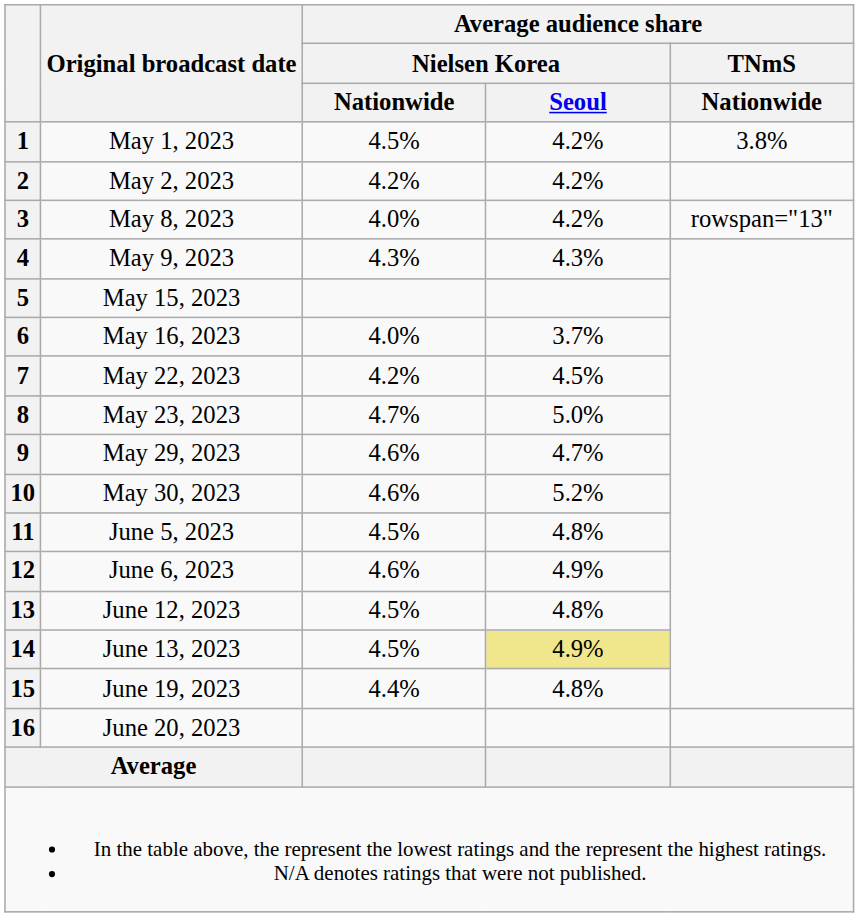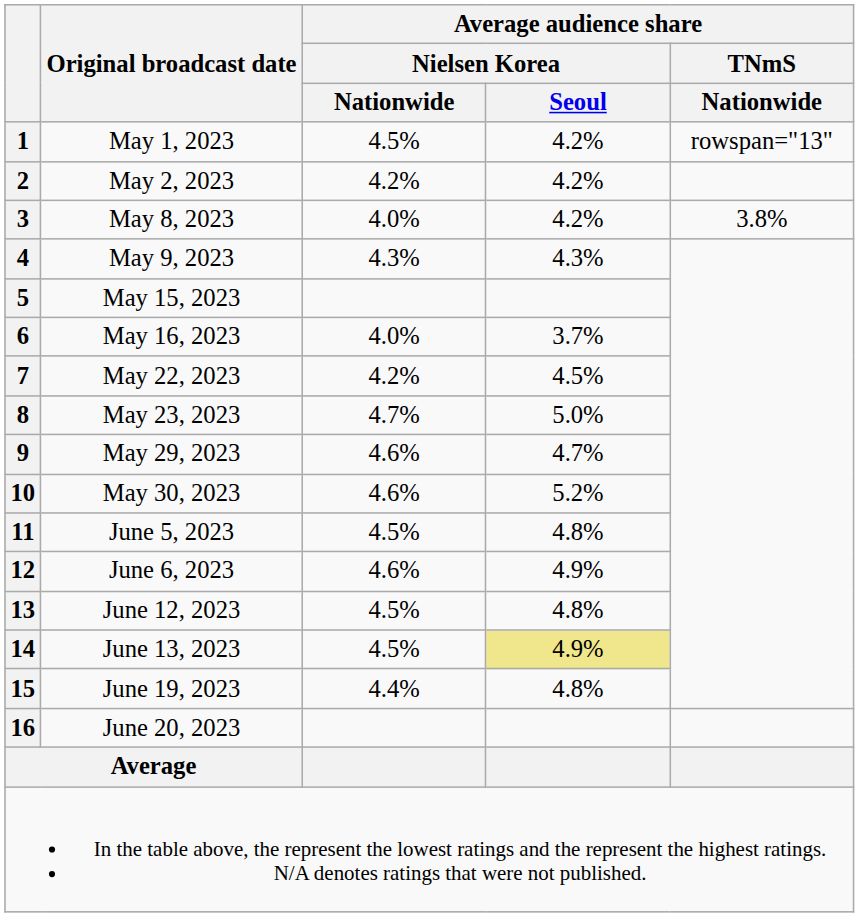 <table class="wikitable" style="text-align:center; max-width:600px; margin-left:auto; margin-right:auto">
 <tr>
 <th scope="col" rowspan="3"></th>
 <th scope="col" rowspan="3">Original broadcast date</th>
 <th scope="col" colspan="3">Average audience share</th>
 </tr>
 <tr>
 <th scope="col" colspan="2">Nielsen Korea</th>
 <th scope="col">TNmS</th>
 </tr>
 <tr>
 <th scope="col" style="width:7em">Nationwide</th>
 <th scope="col" style="width:7em"><a href='#'>Seoul</a></th>
 <th scope="col" style="width:7em">Nationwide</th>
 </tr>
 <tr>
 <th scope"row">1</th>
 <td>May 1, 2023</td>
 <td>4.5% </td>
 <td>4.2% </td>
-<td>3.8% </td>
+<td>rowspan="13" </td>
 </tr>
 <tr>
 <th scope"row">2</th>
 <td>May 2, 2023</td>
 <td>4.2% </td>
 <td>4.2% </td>
 <td><strong></strong> </td>
 </tr>
 <tr>
 <th scope"row">3</th>
 <td>May 8, 2023</td>
 <td>4.0% </td>
 <td>4.2% </td>
-<td>rowspan="13" </td>
+<td>3.8% </td>
 </tr>
 <tr>
 <th scope"row">4</th>
 <td>May 9, 2023</td>
 <td>4.3% </td>
 <td>4.3% </td>
 </tr>
 <tr>
 <th scope"row">5</th>
 <td>May 15, 2023</td>
 <td><strong></strong> </td>
 <td><strong></strong> </td>
 </tr>
 <tr>
 <th scope"row">6</th>
 <td>May 16, 2023</td>
 <td>4.0% </td>
 <td>3.7% </td>
 </tr>
 <tr>
 <th scope"row">7</th>
 <td>May 22, 2023</td>
 <td>4.2% </td>
 <td>4.5% </td>
 </tr>
 <tr>
 <th scope"row">8</th>
 <td>May 23, 2023</td>
 <td>4.7% </td>
 <td>5.0% </td>
 </tr>
 <tr>
 <th scope"row">9</th>
 <td>May 29, 2023</td>
 <td>4.6% </td>
 <td>4.7% </td>
 </tr>
 <tr>
 <th scope"row">10</th>
 <td>May 30, 2023</td>
 <td>4.6% </td>
 <td>5.2% </td>
 </tr>
 <tr>
 <th scope"row">11</th>
 <td>June 5, 2023</td>
 <td>4.5% </td>
 <td>4.8% </td>
 </tr>
 <tr>
 <th scope"row">12</th>
 <td>June 6, 2023</td>
 <td>4.6% </td>
 <td>4.9% </td>
 </tr>
 <tr>
 <th scope"row">13</th>
 <td>June 12, 2023</td>
 <td>4.5% </td>
 <td>4.8% </td>
 </tr>
 <tr>
 <th scope"row">14</th>
 <td>June 13, 2023</td>
 <td>4.5% </td>
 <td style="background: khaki;">4.9% </td>
 </tr>
 <tr>
 <th scope"row">15</th>
 <td>June 19, 2023</td>
 <td>4.4% </td>
 <td>4.8% </td>
 </tr>
 <tr>
 <th scope"row">16</th>
 <td>June 20, 2023</td>
 <td><strong></strong> </td>
 <td><strong></strong> </td>
 <td><strong></strong> </td>
 </tr>
 <tr>
 <th scope="col" colspan="2">Average</th>
 <th scope="col"></th>
 <th scope="col"></th>
 <th scope="col"></th>
 </tr>
 <tr>
 <td colspan="5" style="font-size:85%"><br><ul><li>In the table above, the <strong></strong> represent the lowest ratings and the <strong></strong> represent the highest ratings.</li><li>N/A denotes ratings that were not published.</li></ul></td>
 </tr>
 </table>
